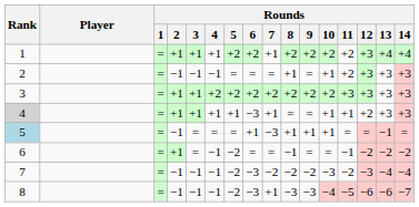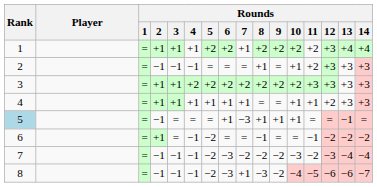 <table class="wikitable" style="font-size:100%; text-align:center; white-space: nowrap;">
 <tr>
 <th rowspan="2">Rank</th>
 <th rowspan="2" style="width:140px;">Player</th>
 <th colspan="14">Rounds</th>
 </tr>
 <tr>
 <th>1</th>
 <th>2</th>
 <th>3</th>
 <th>4</th>
 <th>5</th>
 <th>6</th>
 <th>7</th>
 <th>8</th>
 <th>9</th>
 <th>10</th>
 <th>11</th>
 <th>12</th>
 <th>13</th>
 <th>14</th>
 </tr>
 <tr>
 <td>1</td>
 <td align="left"></td>
 <td bgcolor="#ccffcc">=</td>
 <td bgcolor="#ccffcc">+1</td>
 <td bgcolor="#ccffcc">+1</td>
 <td>+1</td>
 <td bgcolor="#ccffcc">+2</td>
 <td bgcolor="#ccffcc">+2</td>
 <td>+1</td>
 <td bgcolor="#ccffcc">+2</td>
 <td bgcolor="#ccffcc">+2</td>
 <td bgcolor="#ccffcc">+2</td>
 <td>+2</td>
 <td bgcolor="#ccffcc">+3</td>
 <td bgcolor="#ccffcc">+4</td>
 <td bgcolor="#ccffcc">+4</td>
 </tr>
 <tr>
 <td>2</td>
 <td align="left"></td>
 <td bgcolor="#ccffcc">=</td>
 <td>−1</td>
 <td>−1</td>
 <td>−1</td>
 <td>=</td>
 <td>=</td>
 <td>=</td>
 <td>+1</td>
 <td>=</td>
 <td>+1</td>
 <td>+2</td>
 <td bgcolor="#ccffcc">+3</td>
 <td>+3</td>
 <td bgcolor="#ffcccc">+3</td>
 </tr>
 <tr>
 <td>3</td>
 <td align="left"></td>
 <td bgcolor="#ccffcc">=</td>
 <td bgcolor="#ccffcc">+1</td>
 <td bgcolor="#ccffcc">+1</td>
 <td bgcolor="#ccffcc">+2</td>
 <td bgcolor="#ccffcc">+2</td>
 <td bgcolor="#ccffcc">+2</td>
 <td bgcolor="#ccffcc">+2</td>
 <td bgcolor="#ccffcc">+2</td>
 <td bgcolor="#ccffcc">+2</td>
 <td bgcolor="#ccffcc">+2</td>
 <td bgcolor="#ccffcc">+3</td>
 <td bgcolor="#ccffcc">+3</td>
 <td>+3</td>
 <td bgcolor="#ffcccc">+3</td>
 </tr>
 <tr>
-<td style="background: lightgrey;">4</td>
+<td>4</td>
 <td align="left"></td>
 <td bgcolor="#ccffcc">=</td>
 <td bgcolor="#ccffcc">+1</td>
 <td bgcolor="#ccffcc">+1</td>
 <td>+1</td>
 <td>+1</td>
-<td>−3</td>
+<td>+1</td>
 <td>+1</td>
 <td>=</td>
 <td>=</td>
 <td>+1</td>
 <td>+1</td>
 <td>+2</td>
 <td>+3</td>
 <td bgcolor="#ffcccc">+3</td>
 </tr>
 <tr>
 <td style="background: lightblue;">5</td>
 <td align="left"></td>
 <td bgcolor="#ccffcc">=</td>
 <td>−1</td>
 <td>=</td>
 <td>=</td>
 <td>=</td>
 <td>+1</td>
 <td>−3</td>
 <td>+1</td>
 <td>+1</td>
 <td>+1</td>
 <td>=</td>
 <td bgcolor="#ffcccc">=</td>
 <td bgcolor="#ffcccc">−1</td>
 <td bgcolor="#ffcccc">=</td>
 </tr>
 <tr>
 <td>6</td>
 <td align="left"></td>
 <td bgcolor="#ccffcc">=</td>
 <td bgcolor="#ccffcc">+1</td>
 <td>=</td>
 <td>−1</td>
 <td>−2</td>
 <td>=</td>
 <td>=</td>
 <td>−1</td>
 <td>=</td>
 <td>=</td>
 <td>−1</td>
 <td bgcolor="#ffcccc">−2</td>
 <td bgcolor="#ffcccc">−2</td>
 <td bgcolor="#ffcccc">−2</td>
 </tr>
 <tr>
 <td>7</td>
 <td align="left"></td>
 <td bgcolor="#ccffcc">=</td>
 <td>−1</td>
 <td>−1</td>
 <td>−1</td>
 <td>−2</td>
 <td>−3</td>
 <td>−2</td>
 <td>−2</td>
 <td>−2</td>
 <td>−3</td>
 <td>−2</td>
 <td bgcolor="#ffcccc">−3</td>
 <td bgcolor="#ffcccc">−4</td>
 <td bgcolor="#ffcccc">−4</td>
 </tr>
 <tr>
 <td>8</td>
 <td align="left"></td>
 <td bgcolor="#ccffcc">=</td>
 <td>−1</td>
 <td>−1</td>
 <td>−1</td>
 <td>−2</td>
 <td>−3</td>
 <td>+1</td>
 <td>−3</td>
-<td>−3</td>
+<td>−2</td>
 <td bgcolor="#ffcccc">−4</td>
 <td bgcolor="#ffcccc">−5</td>
 <td bgcolor="#ffcccc">−6</td>
 <td bgcolor="#ffcccc">−6</td>
 <td bgcolor="#ffcccc">−7</td>
 </tr>
 </table>
